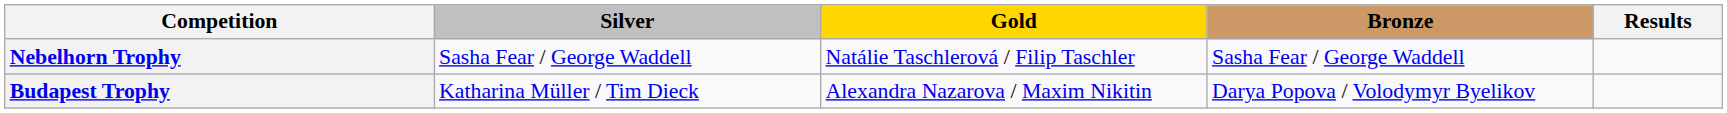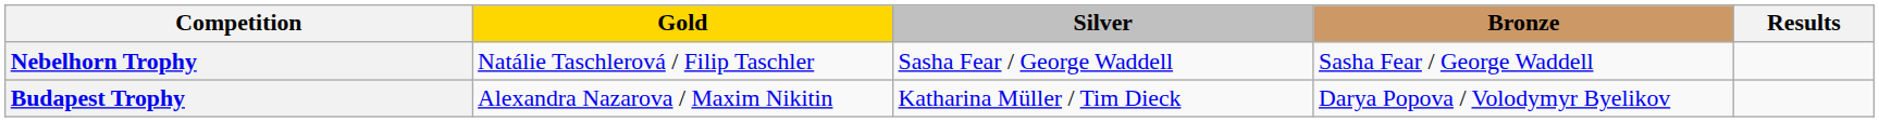 <table class="wikitable unsortable" style="text-align:left; width:100%">
 <tr>
 <th scope="col" style="text-align:center; width:25%;">Competition</th>
+<td scope="col" style="text-align:center; width:22.5%; background:gold"><strong>Gold</strong></td>
 <td scope="col" style="text-align:center; width:22.5%; background:silver"><strong>Silver</strong></td>
-<td scope="col" style="text-align:center; width:22.5%; background:gold"><strong>Gold</strong></td>
 <td scope="col" style="text-align:center; width:22.5%; background:#c96"><strong>Bronze</strong></td>
 <th scope="col" style="text-align:center; width:7.5%;">Results</th>
 </tr>
 <tr>
 <th scope="row" style="text-align:left"> <a href='#'>Nebelhorn Trophy</a></th>
+<td> <a href='#'>Natálie Taschlerová</a> / <a href='#'>Filip Taschler</a></td>
 <td> <a href='#'>Sasha Fear</a> / <a href='#'>George Waddell</a></td>
-<td> <a href='#'>Natálie Taschlerová</a> / <a href='#'>Filip Taschler</a></td>
 <td> <a href='#'>Sasha Fear</a> / <a href='#'>George Waddell</a></td>
 <td></td>
 </tr>
 <tr>
 <th scope="row" style="text-align:left"> <a href='#'>Budapest Trophy</a></th>
+<td> <a href='#'>Alexandra Nazarova</a> / <a href='#'>Maxim Nikitin</a></td>
 <td> <a href='#'>Katharina Müller</a> / <a href='#'>Tim Dieck</a></td>
-<td> <a href='#'>Alexandra Nazarova</a> / <a href='#'>Maxim Nikitin</a></td>
 <td> <a href='#'>Darya Popova</a> / <a href='#'>Volodymyr Byelikov</a></td>
 <td></td>
 </tr>
 </table>
